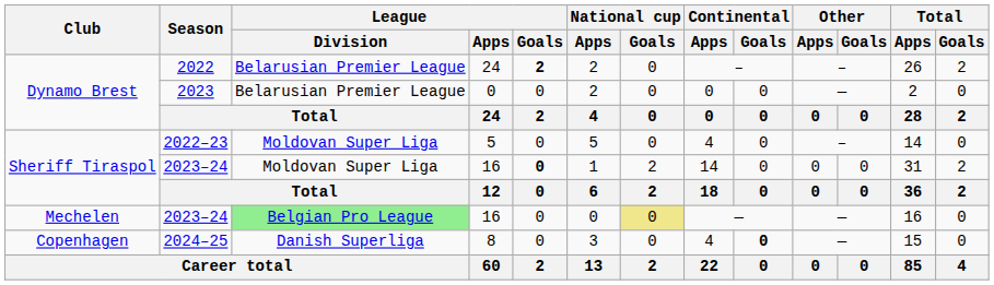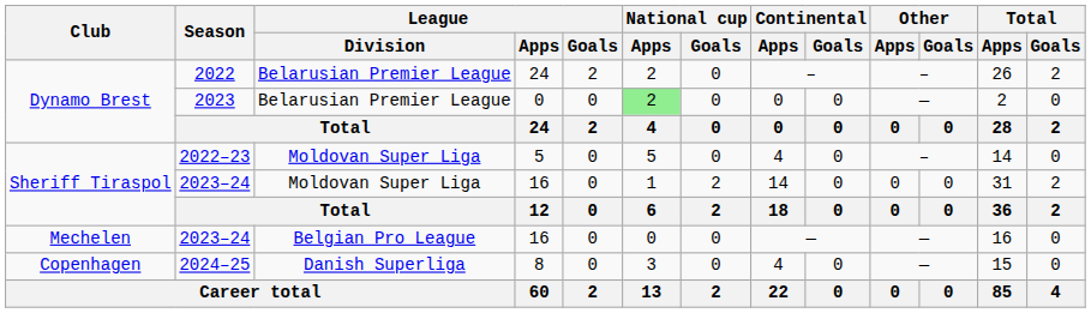 <table class="wikitable" style="text-align:center">
 <tr>
 <th rowspan="2">Club</th>
 <th rowspan="2">Season</th>
 <th colspan="3">League</th>
 <th colspan="2">National cup</th>
 <th colspan="2">Continental</th>
 <th colspan="2">Other</th>
 <th colspan="2">Total</th>
 </tr>
 <tr>
 <th>Division</th>
 <th>Apps</th>
 <th>Goals</th>
 <th>Apps</th>
 <th>Goals</th>
 <th>Apps</th>
 <th>Goals</th>
 <th>Apps</th>
 <th>Goals</th>
 <th>Apps</th>
 <th>Goals</th>
 </tr>
 <tr>
 <td rowspan="3"><a href='#'>Dynamo Brest</a></td>
 <td><a href='#'>2022</a></td>
 <td><a href='#'>Belarusian Premier League</a></td>
 <td>24</td>
-<td><strong>2</strong></td>
+<td>2</td>
 <td>2</td>
 <td>0</td>
 <td colspan="2">–</td>
 <td colspan="2">–</td>
 <td>26</td>
 <td>2</td>
 </tr>
 <tr>
 <td><a href='#'>2023</a></td>
 <td>Belarusian Premier League</td>
 <td>0</td>
 <td>0</td>
-<td>2</td>
+<td style="background: lightgreen;">2</td>
 <td>0</td>
 <td>0</td>
 <td>0</td>
 <td colspan="2">—</td>
 <td>2</td>
 <td>0</td>
 </tr>
 <tr>
 <th colspan="2">Total</th>
 <th>24</th>
 <th>2</th>
 <th>4</th>
 <th>0</th>
 <th>0</th>
 <th>0</th>
 <th>0</th>
 <th>0</th>
 <th>28</th>
 <th>2</th>
 </tr>
 <tr>
 <td rowspan="3"><a href='#'>Sheriff Tiraspol</a></td>
 <td><a href='#'>2022–23</a></td>
 <td><a href='#'>Moldovan Super Liga</a></td>
 <td>5</td>
 <td>0</td>
 <td>5</td>
 <td>0</td>
 <td>4</td>
 <td>0</td>
 <td colspan="2">–</td>
 <td>14</td>
 <td>0</td>
 </tr>
 <tr>
 <td><a href='#'>2023–24</a></td>
 <td>Moldovan Super Liga</td>
 <td>16</td>
-<td><strong>0</strong></td>
+<td>0</td>
 <td>1</td>
 <td>2</td>
 <td>14</td>
 <td>0</td>
 <td>0</td>
 <td>0</td>
 <td>31</td>
 <td>2</td>
 </tr>
 <tr>
 <th colspan="2">Total</th>
 <th>12</th>
 <th>0</th>
 <th>6</th>
 <th>2</th>
 <th>18</th>
 <th>0</th>
 <th>0</th>
 <th>0</th>
 <th>36</th>
 <th>2</th>
 </tr>
 <tr>
 <td><a href='#'>Mechelen</a></td>
 <td><a href='#'>2023–24</a></td>
-<td style="background: lightgreen;"><a href='#'>Belgian Pro League</a></td>
+<td><a href='#'>Belgian Pro League</a></td>
 <td>16</td>
 <td>0</td>
 <td>0</td>
-<td style="background: khaki;">0</td>
+<td>0</td>
 <td colspan="2">—</td>
 <td colspan="2">—</td>
 <td>16</td>
 <td>0</td>
 </tr>
 <tr>
 <td><a href='#'>Copenhagen</a></td>
 <td><a href='#'>2024–25</a></td>
 <td><a href='#'>Danish Superliga</a></td>
 <td>8</td>
 <td>0</td>
 <td>3</td>
 <td>0</td>
 <td>4</td>
-<td><strong>0</strong></td>
+<td>0</td>
 <td colspan="2">—</td>
 <td>15</td>
 <td>0</td>
 </tr>
 <tr>
 <th colspan="3">Career total</th>
 <th>60</th>
 <th>2</th>
 <th>13</th>
 <th>2</th>
 <th>22</th>
 <th>0</th>
 <th>0</th>
 <th>0</th>
 <th>85</th>
 <th>4</th>
 </tr>
 </table>
